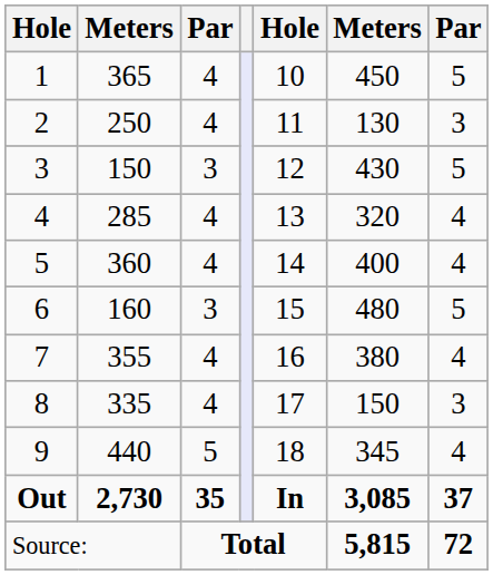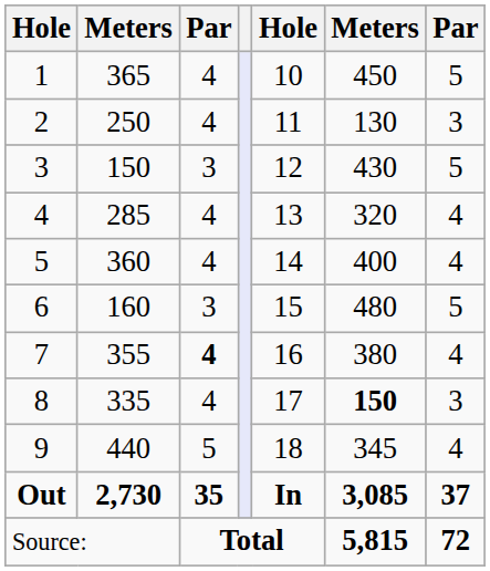 <table class="wikitable" style="text-align:center; font-size:100%;">
 <tr>
 <th>Hole</th>
 <th>Meters</th>
 <th>Par</th>
 <th></th>
 <th>Hole</th>
 <th>Meters</th>
 <th>Par</th>
 </tr>
 <tr>
 <td>1</td>
 <td>365</td>
 <td>4</td>
 <td rowspan="10" style="background:#E6E8FA;"></td>
 <td>10</td>
 <td>450</td>
 <td>5</td>
 </tr>
 <tr>
 <td>2</td>
 <td>250</td>
 <td>4</td>
 <td>11</td>
 <td>130</td>
 <td>3</td>
 </tr>
 <tr>
 <td>3</td>
 <td>150</td>
 <td>3</td>
 <td>12</td>
 <td>430</td>
 <td>5</td>
 </tr>
 <tr>
 <td>4</td>
 <td>285</td>
 <td>4</td>
 <td>13</td>
 <td>320</td>
 <td>4</td>
 </tr>
 <tr>
 <td>5</td>
 <td>360</td>
 <td>4</td>
 <td>14</td>
 <td>400</td>
 <td>4</td>
 </tr>
 <tr>
 <td>6</td>
 <td>160</td>
 <td>3</td>
 <td>15</td>
 <td>480</td>
 <td>5</td>
 </tr>
 <tr>
 <td>7</td>
 <td>355</td>
-<td>4</td>
+<td><strong>4</strong></td>
 <td>16</td>
 <td>380</td>
 <td>4</td>
 </tr>
 <tr>
 <td>8</td>
 <td>335</td>
 <td>4</td>
 <td>17</td>
-<td>150</td>
+<td><strong>150</strong></td>
 <td>3</td>
 </tr>
 <tr>
 <td>9</td>
 <td>440</td>
 <td>5</td>
 <td>18</td>
 <td>345</td>
 <td>4</td>
 </tr>
 <tr>
 <td><strong>Out</strong></td>
 <td><strong>2,730</strong></td>
 <td><strong>35</strong></td>
 <td><strong>In</strong></td>
 <td><strong>3,085</strong></td>
 <td><strong>37</strong></td>
 </tr>
 <tr>
 <td colspan="2" align="left"><small>Source:</small></td>
 <td colspan="3"><strong>Total</strong></td>
 <td><strong>5,815</strong></td>
 <td><strong>72</strong></td>
 </tr>
 </table>
